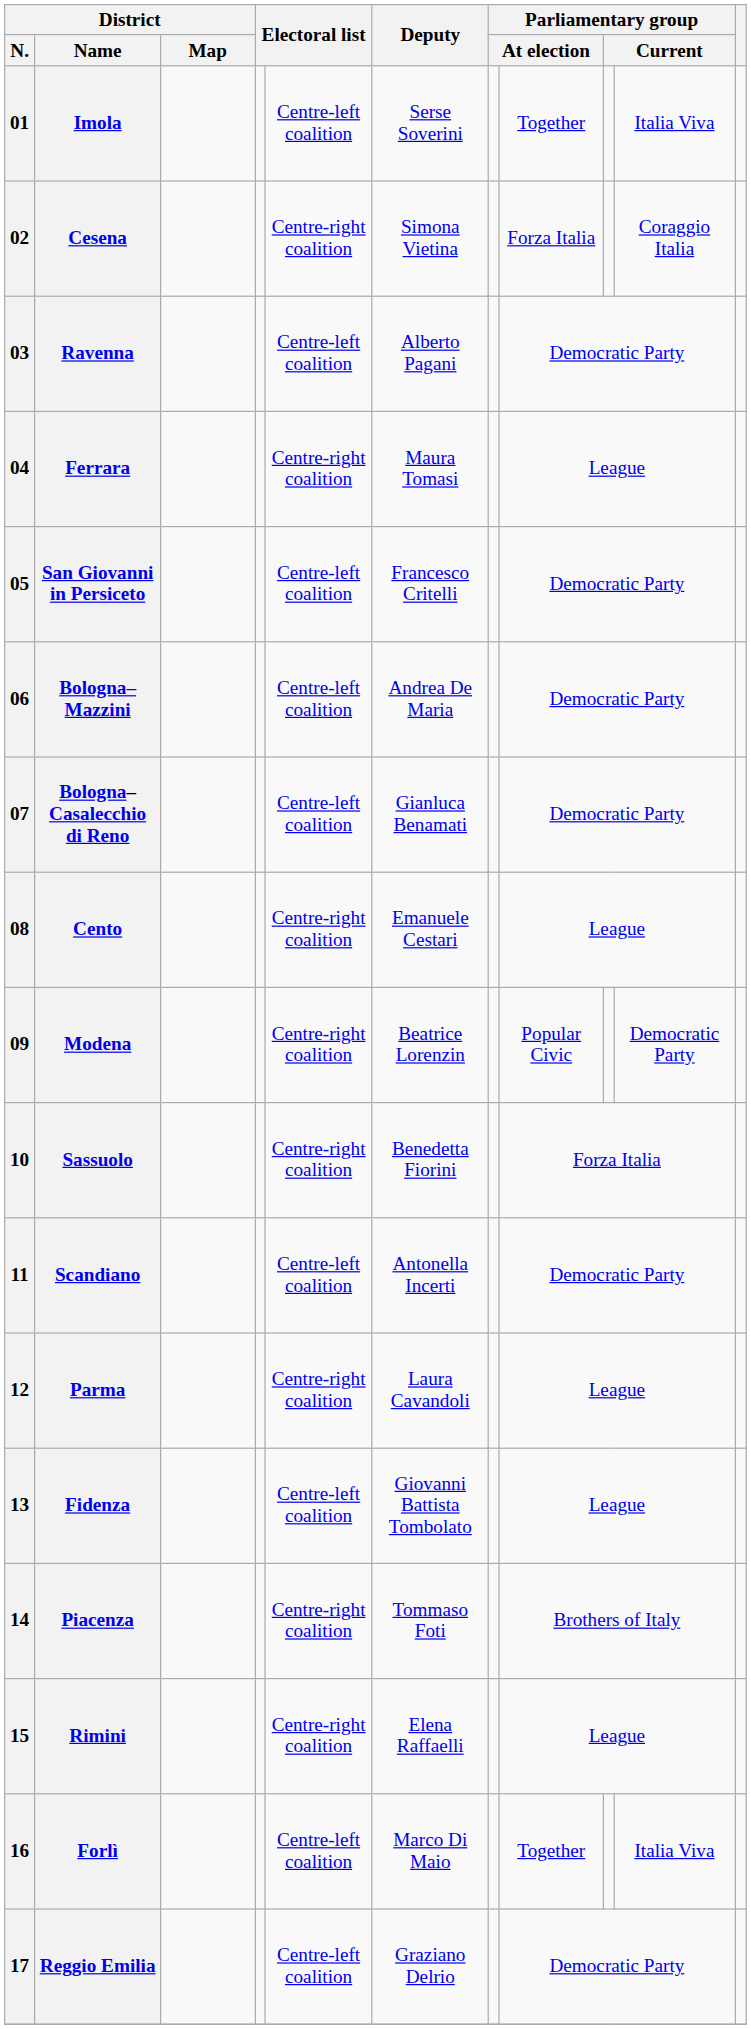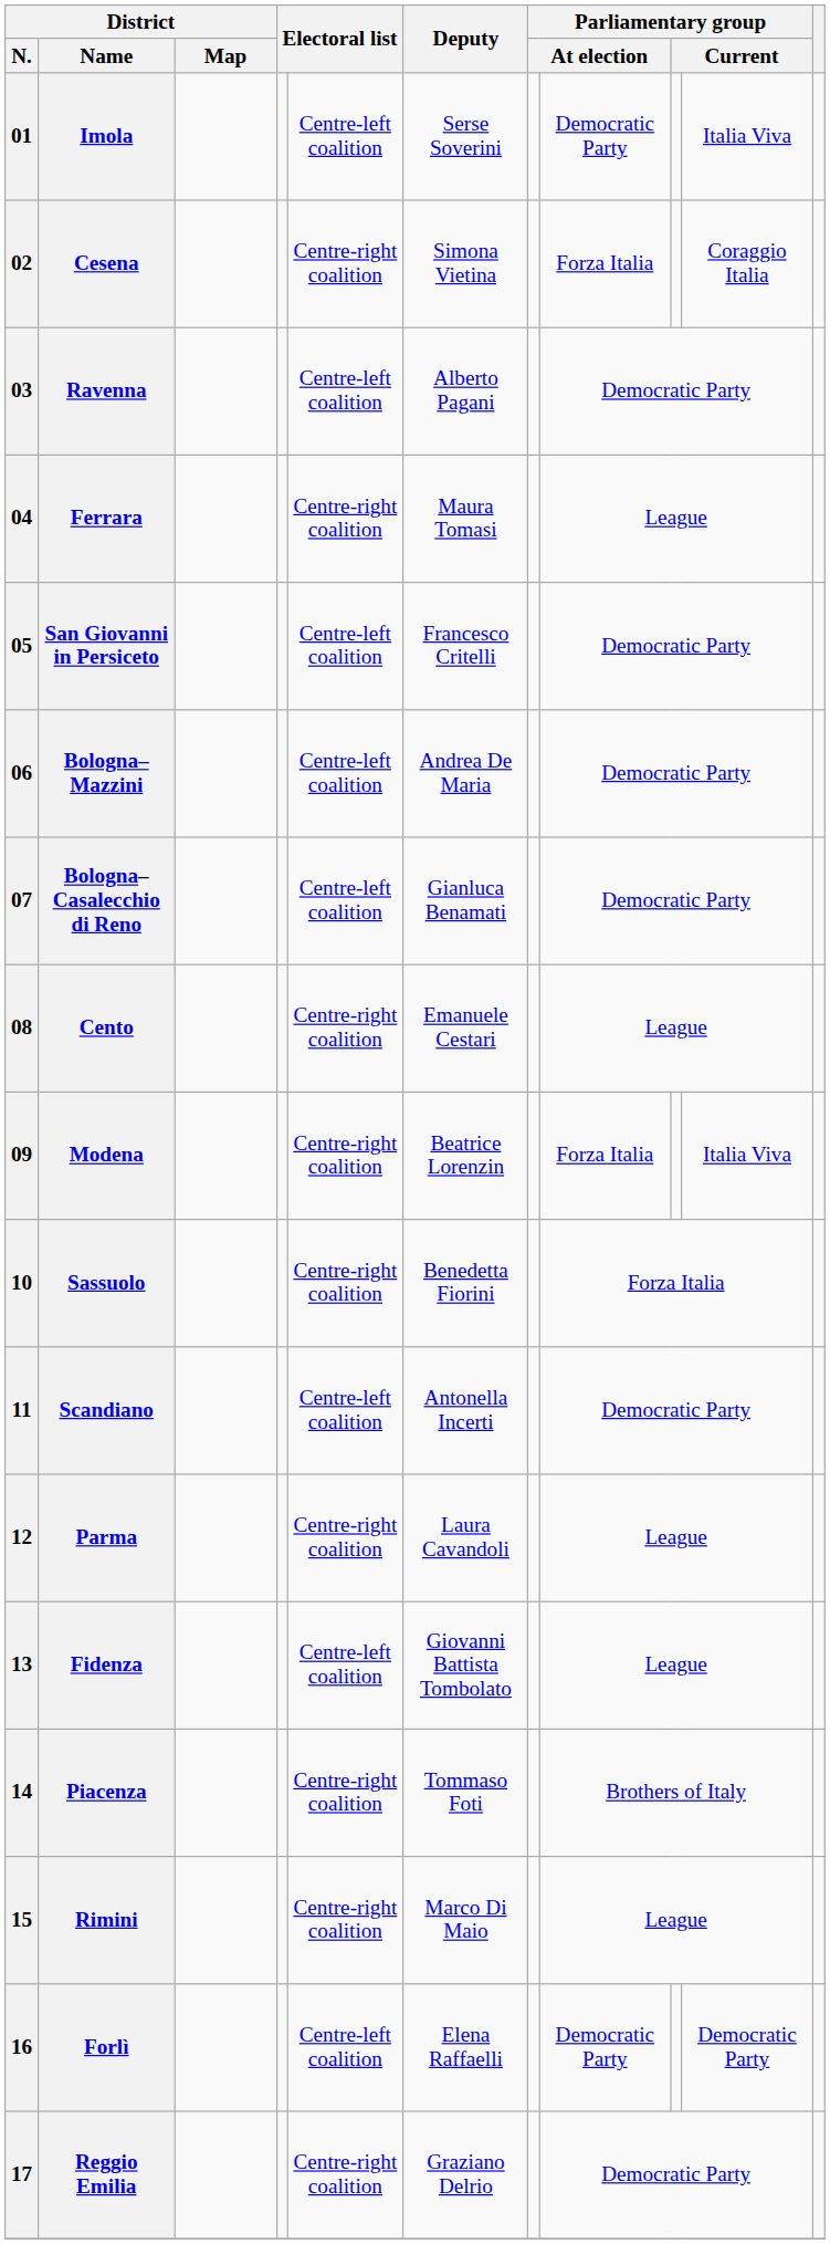 <table class="wikitable" style="text-align:center; style="width=70%">
 <tr>
 <th width=20% colspan="3">District</th>
 <th width=12% colspan="2" rowspan="2">Electoral list</th>
 <th width=12% rowspan="2">Deputy</th>
 <th width=24% colspan="4">Parliamentary group</th>
 <th width=1% rowspan="2"></th>
 </tr>
 <tr>
 <th width=1%>N.</th>
 <th width=10%>Name</th>
 <th width=10%>Map</th>
 <th width=12% colspan="2">At election</th>
 <th width=12% colspan="2">Current</th>
 </tr>
 <tr style="height:6em;">
 <th>01</th>
 <th><a href='#'>Imola</a></th>
 <td></td>
 <td style="background:"></td>
 <td><a href='#'>Centre-left coalition</a></td>
 <td><a href='#'>Serse Soverini</a></td>
 <td style="background:"></td>
-<td><a href='#'>Together</a></td>
+<td><a href='#'>Democratic Party</a></td>
 <td style="background:"></td>
 <td><a href='#'>Italia Viva</a></td>
 <td></td>
 </tr>
 <tr style="height:6em;">
 <th>02</th>
 <th><a href='#'>Cesena</a></th>
 <td></td>
 <td style="background:"></td>
 <td><a href='#'>Centre-right coalition</a></td>
 <td><a href='#'>Simona Vietina</a></td>
 <td style="background:"></td>
 <td><a href='#'>Forza Italia</a></td>
 <td style="background:"></td>
 <td><a href='#'>Coraggio Italia</a></td>
 <td></td>
 </tr>
 <tr style="height:6em;">
 <th>03</th>
 <th><a href='#'>Ravenna</a></th>
 <td></td>
 <td style="background:"></td>
 <td><a href='#'>Centre-left coalition</a></td>
 <td><a href='#'>Alberto Pagani</a></td>
 <td style="background:"></td>
 <td colspan=3><a href='#'>Democratic Party</a></td>
 <td></td>
 </tr>
 <tr style="height:6em;">
 <th>04</th>
 <th><a href='#'>Ferrara</a></th>
 <td></td>
 <td style="background:"></td>
 <td><a href='#'>Centre-right coalition</a></td>
 <td><a href='#'>Maura Tomasi</a></td>
 <td style="background:"></td>
 <td colspan=3><a href='#'>League</a></td>
 <td></td>
 </tr>
 <tr style="height:6em;">
 <th>05</th>
 <th><a href='#'>San Giovanni in Persiceto</a></th>
 <td></td>
 <td style="background:"></td>
 <td><a href='#'>Centre-left coalition</a></td>
 <td><a href='#'>Francesco Critelli</a></td>
 <td style="background:"></td>
 <td colspan=3><a href='#'>Democratic Party</a></td>
 <td></td>
 </tr>
 <tr style="height:6em;">
 <th>06</th>
 <th><a href='#'>Bologna–Mazzini</a></th>
 <td></td>
 <td style="background:"></td>
 <td><a href='#'>Centre-left coalition</a></td>
 <td><a href='#'>Andrea De Maria</a></td>
 <td style="background:"></td>
 <td colspan=3><a href='#'>Democratic Party</a></td>
 <td></td>
 </tr>
 <tr style="height:6em;">
 <th>07</th>
 <th><a href='#'>Bologna</a>–<a href='#'>Casalecchio di Reno</a></th>
 <td></td>
 <td style="background:"></td>
 <td><a href='#'>Centre-left coalition</a></td>
 <td><a href='#'>Gianluca Benamati</a></td>
 <td style="background:"></td>
 <td colspan=3><a href='#'>Democratic Party</a></td>
 <td></td>
 </tr>
 <tr style="height:6em;">
 <th>08</th>
 <th><a href='#'>Cento</a></th>
 <td></td>
 <td style="background:"></td>
 <td><a href='#'>Centre-right coalition</a></td>
 <td><a href='#'>Emanuele Cestari</a></td>
 <td style="background:"></td>
 <td colspan=3><a href='#'>League</a></td>
 <td></td>
 </tr>
 <tr style="height:6em;">
 <th>09</th>
 <th><a href='#'>Modena</a></th>
 <td></td>
 <td style="background:"></td>
 <td><a href='#'>Centre-right coalition</a></td>
 <td><a href='#'>Beatrice Lorenzin</a></td>
 <td style="background:"></td>
-<td><a href='#'>Popular Civic</a></td>
+<td><a href='#'>Forza Italia</a></td>
 <td style="background:"></td>
-<td><a href='#'>Democratic Party</a></td>
+<td><a href='#'>Italia Viva</a></td>
 <td></td>
 </tr>
 <tr style="height:6em;">
 <th>10</th>
 <th><a href='#'>Sassuolo</a></th>
 <td></td>
 <td style="background:"></td>
 <td><a href='#'>Centre-right coalition</a></td>
 <td><a href='#'>Benedetta Fiorini</a></td>
 <td style="background:"></td>
 <td colspan=3><a href='#'>Forza Italia</a></td>
 <td></td>
 </tr>
 <tr style="height:6em;">
 <th>11</th>
 <th><a href='#'>Scandiano</a></th>
 <td></td>
 <td style="background:"></td>
 <td><a href='#'>Centre-left coalition</a></td>
 <td><a href='#'>Antonella Incerti</a></td>
 <td style="background:"></td>
 <td colspan=3><a href='#'>Democratic Party</a></td>
 <td></td>
 </tr>
 <tr style="height:6em;">
 <th>12</th>
 <th><a href='#'>Parma</a></th>
 <td></td>
 <td style="background:"></td>
 <td><a href='#'>Centre-right coalition</a></td>
 <td><a href='#'>Laura Cavandoli</a></td>
 <td style="background:"></td>
 <td colspan=3><a href='#'>League</a></td>
 <td></td>
 </tr>
 <tr style="height:6em;">
 <th>13</th>
 <th><a href='#'>Fidenza</a></th>
 <td></td>
 <td style="background:"></td>
 <td><a href='#'>Centre-left coalition</a></td>
 <td><a href='#'>Giovanni Battista Tombolato</a></td>
 <td style="background:"></td>
 <td colspan=3><a href='#'>League</a></td>
 <td></td>
 </tr>
 <tr style="height:6em;">
 <th>14</th>
 <th><a href='#'>Piacenza</a></th>
 <td></td>
 <td style="background:"></td>
 <td><a href='#'>Centre-right coalition</a></td>
 <td><a href='#'>Tommaso Foti</a></td>
 <td style="background:"></td>
 <td colspan=3><a href='#'>Brothers of Italy</a></td>
 <td></td>
 </tr>
 <tr style="height:6em;">
 <th>15</th>
 <th><a href='#'>Rimini</a></th>
 <td></td>
 <td style="background:"></td>
 <td><a href='#'>Centre-right coalition</a></td>
-<td><a href='#'>Elena Raffaelli</a></td>
+<td><a href='#'>Marco Di Maio</a></td>
 <td style="background:"></td>
 <td colspan=3><a href='#'>League</a></td>
 <td></td>
 </tr>
 <tr style="height:6em;">
 <th>16</th>
 <th><a href='#'>Forlì</a></th>
 <td></td>
 <td style="background:"></td>
 <td><a href='#'>Centre-left coalition</a></td>
-<td><a href='#'>Marco Di Maio</a></td>
+<td><a href='#'>Elena Raffaelli</a></td>
 <td style="background:"></td>
-<td><a href='#'>Together</a></td>
+<td><a href='#'>Democratic Party</a></td>
 <td style="background:"></td>
-<td><a href='#'>Italia Viva</a></td>
+<td><a href='#'>Democratic Party</a></td>
 <td></td>
 </tr>
 <tr style="height:6em;">
 <th>17</th>
 <th><a href='#'>Reggio Emilia</a></th>
 <td></td>
 <td style="background:"></td>
-<td><a href='#'>Centre-left coalition</a></td>
+<td><a href='#'>Centre-right coalition</a></td>
 <td><a href='#'>Graziano Delrio</a></td>
 <td style="background:"></td>
 <td colspan=3><a href='#'>Democratic Party</a></td>
 <td></td>
 </tr>
 <tr>
 </tr>
 </table>
